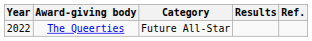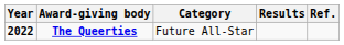 <table class="wikitable sortable" >
 <tr>
 <th>Year</th>
 <th>Award-giving body</th>
 <th>Category</th>
 <th>Results</th>
 <th>Ref.</th>
 </tr>
 <tr>
-<td style="text-align:center">2022</td>
-<td style="text-align:center"><a href='#'>The Queerties</a></td>
+<td style="text-align:center"><strong>2022</strong></td>
+<td style="text-align:center"><strong><a href='#'>The Queerties</a></strong></td>
 <td style="text-align:center">Future All-Star</td>
 <td></td>
 <td style="text-align:center"></td>
 </tr>
 </table>
